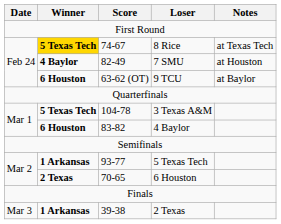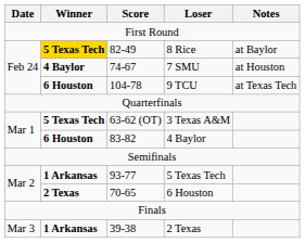 <table class=wikitable>
 <tr>
 <th>Date</th>
 <th>Winner</th>
 <th>Score</th>
 <th>Loser</th>
 <th>Notes</th>
 </tr>
 <tr>
 <td colspan="5" ; style="text-align: center">First Round</td>
 </tr>
 <tr>
 <td rowspan ="3">Feb 24</td>
 <td style="background: gold;"><strong>5 Texas Tech</strong></td>
-<td>74-67</td>
+<td>82-49</td>
 <td>8 Rice</td>
-<td>at Texas Tech</td>
+<td>at Baylor</td>
 </tr>
 <tr>
 <td><strong>4 Baylor</strong></td>
-<td>82-49</td>
+<td>74-67</td>
 <td>7 SMU</td>
 <td>at Houston</td>
 </tr>
 <tr>
 <td><strong>6 Houston</strong></td>
-<td>63-62 (OT)</td>
+<td>104-78</td>
 <td>9 TCU</td>
-<td>at Baylor</td>
+<td>at Texas Tech</td>
 </tr>
 <tr>
 <td colspan="5" ; style="text-align: center">Quarterfinals</td>
 </tr>
 <tr>
 <td rowspan ="2">Mar 1</td>
 <td><strong>5 Texas Tech</strong></td>
-<td>104-78</td>
+<td>63-62 (OT)</td>
 <td>3 Texas A&M</td>
 <td></td>
 </tr>
 <tr>
 <td><strong>6 Houston</strong></td>
 <td>83-82</td>
 <td>4 Baylor</td>
 <td></td>
 </tr>
 <tr>
 <td colspan="5" ; style="text-align: center">Semifinals</td>
 </tr>
 <tr>
 <td rowspan ="2">Mar 2</td>
 <td><strong>1 Arkansas</strong></td>
 <td>93-77</td>
 <td>5 Texas Tech</td>
 <td></td>
 </tr>
 <tr>
 <td><strong>2 Texas</strong></td>
 <td>70-65</td>
 <td>6 Houston</td>
 <td></td>
 </tr>
 <tr>
 <td colspan="5" ; style="text-align: center">Finals</td>
 </tr>
 <tr>
 <td>Mar 3</td>
 <td><strong>1 Arkansas</strong></td>
 <td>39-38</td>
 <td>2 Texas</td>
 <td></td>
 </tr>
 </table>
